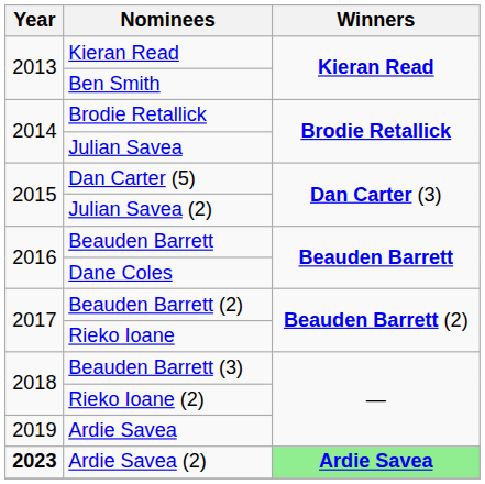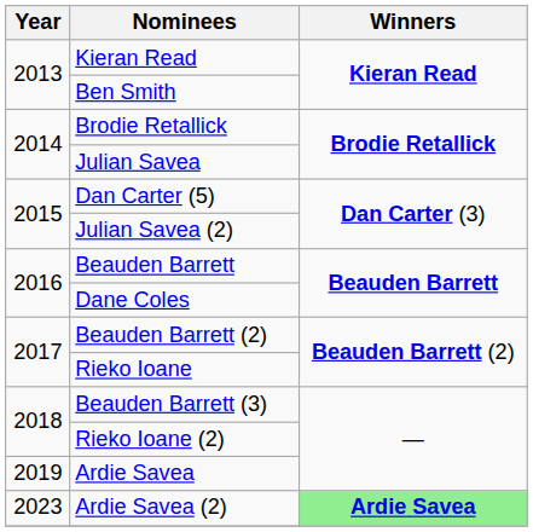 <table class="wikitable">
 <tr>
 <th width=40>Year</th>
 <th width=160>Nominees</th>
 <th width=160>Winners</th>
 </tr>
 <tr>
 <td align=center rowspan=2>2013</td>
 <td><a href='#'>Kieran Read</a></td>
 <td align=center rowspan=2><strong><a href='#'>Kieran Read</a></strong></td>
 </tr>
 <tr>
 <td><a href='#'>Ben Smith</a></td>
 </tr>
 <tr>
 <td align=center rowspan=2>2014</td>
 <td><a href='#'>Brodie Retallick</a></td>
 <td align=center rowspan=2><strong><a href='#'>Brodie Retallick</a></strong></td>
 </tr>
 <tr>
 <td><a href='#'>Julian Savea</a></td>
 </tr>
 <tr>
 <td align=center rowspan=2>2015</td>
 <td><a href='#'>Dan Carter</a> (5)</td>
 <td align=center rowspan=2><strong><a href='#'>Dan Carter</a></strong> (3)</td>
 </tr>
 <tr>
 <td><a href='#'>Julian Savea</a> (2)</td>
 </tr>
 <tr>
 <td align=center rowspan=2>2016</td>
 <td><a href='#'>Beauden Barrett</a></td>
 <td align=center rowspan=2><strong><a href='#'>Beauden Barrett</a></strong></td>
 </tr>
 <tr>
 <td><a href='#'>Dane Coles</a></td>
 </tr>
 <tr>
 <td align=center rowspan=2>2017</td>
 <td><a href='#'>Beauden Barrett</a> (2)</td>
 <td align=center rowspan=2><strong><a href='#'>Beauden Barrett</a></strong> (2)</td>
 </tr>
 <tr>
 <td><a href='#'>Rieko Ioane</a></td>
 </tr>
 <tr>
 <td align=center rowspan=2>2018</td>
 <td><a href='#'>Beauden Barrett</a> (3)</td>
 <td align=center rowspan=3>—</td>
 </tr>
 <tr>
 <td><a href='#'>Rieko Ioane</a> (2)</td>
 </tr>
 <tr>
 <td align=center>2019</td>
 <td><a href='#'>Ardie Savea</a></td>
 </tr>
 <tr>
-<td align=center><strong>2023</strong></td>
+<td align=center>2023</td>
 <td><a href='#'>Ardie Savea</a> (2)</td>
 <td align=center style="background: lightgreen;"><strong><a href='#'>Ardie Savea</a></strong></td>
 </tr>
 <tr>
 </tr>
 </table>
